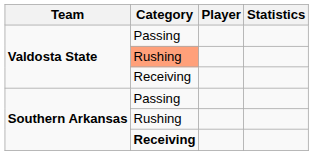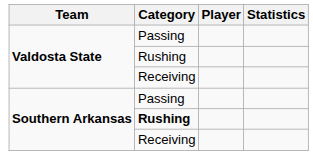 <table class="wikitable" style="float: right;">
 <tr>
 <th>Team</th>
 <th>Category</th>
 <th>Player</th>
 <th>Statistics</th>
 </tr>
 <tr>
 <td rowspan=3><strong>Valdosta State</strong></td>
 <td>Passing</td>
 <td></td>
 <td></td>
 </tr>
 <tr>
-<td style="background: lightsalmon;">Rushing</td>
+<td>Rushing</td>
 <td></td>
 <td></td>
 </tr>
 <tr>
 <td>Receiving</td>
 <td></td>
 <td></td>
 </tr>
 <tr>
 <td rowspan=3><strong>Southern Arkansas</strong></td>
 <td>Passing</td>
 <td></td>
 <td></td>
 </tr>
 <tr>
-<td>Rushing</td>
+<td><strong>Rushing</strong></td>
 <td></td>
 <td></td>
 </tr>
 <tr>
-<td><strong>Receiving</strong></td>
+<td>Receiving</td>
 <td></td>
 <td></td>
 </tr>
 </table>
